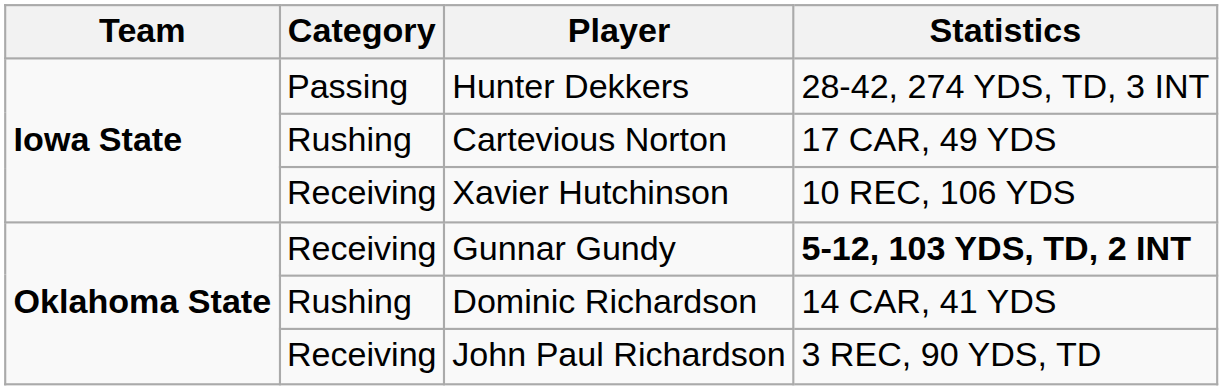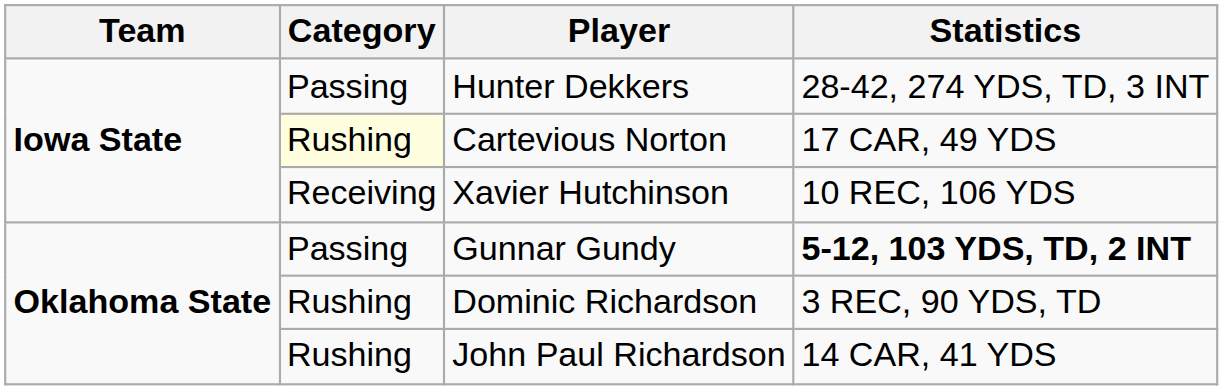 <table class="wikitable" style="float: right;">
 <tr>
 <th>Team</th>
 <th>Category</th>
 <th>Player</th>
 <th>Statistics</th>
 </tr>
 <tr>
 <td rowspan=3><strong>Iowa State</strong></td>
 <td>Passing</td>
 <td>Hunter Dekkers</td>
 <td>28-42, 274 YDS, TD, 3 INT</td>
 </tr>
 <tr>
-<td>Rushing</td>
+<td style="background: lightyellow;">Rushing</td>
 <td>Cartevious Norton</td>
 <td>17 CAR, 49 YDS</td>
 </tr>
 <tr>
 <td>Receiving</td>
 <td>Xavier Hutchinson</td>
 <td>10 REC, 106 YDS</td>
 </tr>
 <tr>
 <td rowspan=3><strong>Oklahoma State</strong></td>
-<td>Receiving</td>
+<td>Passing</td>
 <td>Gunnar Gundy</td>
 <td><strong>5-12, 103 YDS, TD, 2 INT</strong></td>
 </tr>
 <tr>
 <td>Rushing</td>
 <td>Dominic Richardson</td>
+<td>3 REC, 90 YDS, TD</td>
+</tr>
+<tr>
+<td>Rushing</td>
+<td>John Paul Richardson</td>
 <td>14 CAR, 41 YDS</td>
 </tr>
-<tr>
-<td>Receiving</td>
-<td>John Paul Richardson</td>
-<td>3 REC, 90 YDS, TD</td>
-</tr>
 </table>
